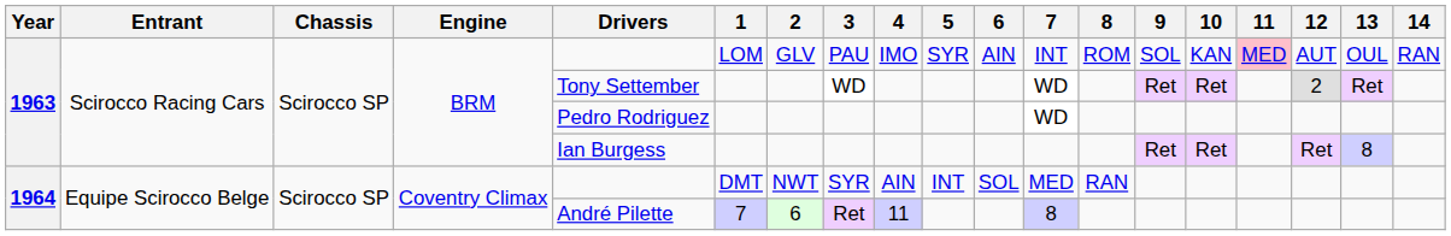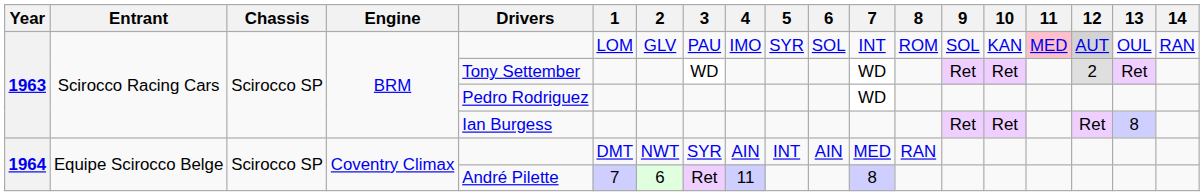 <table class="wikitable" style="text-align:center; font-size:90%">
 <tr>
 <th>Year</th>
 <th>Entrant</th>
 <th>Chassis</th>
 <th>Engine</th>
 <th>Drivers</th>
 <th>1</th>
 <th>2</th>
 <th>3</th>
 <th>4</th>
 <th>5</th>
 <th>6</th>
 <th>7</th>
 <th>8</th>
 <th>9</th>
 <th>10</th>
 <th>11</th>
 <th>12</th>
 <th>13</th>
 <th>14</th>
 </tr>
 <tr>
 <th rowspan="4"><a href='#'>1963</a></th>
 <td rowspan="4">Scirocco Racing Cars</td>
 <td rowspan="4">Scirocco SP</td>
 <td rowspan="4"><a href='#'>BRM</a></td>
 <td></td>
 <td><a href='#'>LOM</a></td>
 <td><a href='#'>GLV</a></td>
 <td><a href='#'>PAU</a></td>
 <td><a href='#'>IMO</a></td>
 <td><a href='#'>SYR</a></td>
-<td><a href='#'>AIN</a></td>
+<td><a href='#'>SOL</a></td>
 <td><a href='#'>INT</a></td>
 <td><a href='#'>ROM</a></td>
 <td><a href='#'>SOL</a></td>
 <td><a href='#'>KAN</a></td>
 <td style="background: pink;"><a href='#'>MED</a></td>
-<td><a href='#'>AUT</a></td>
+<td style="background: lightgrey;"><a href='#'>AUT</a></td>
 <td><a href='#'>OUL</a></td>
 <td><a href='#'>RAN</a></td>
 </tr>
 <tr>
 <td align="left"> <a href='#'>Tony Settember</a></td>
 <td></td>
 <td></td>
 <td style="background:#FFFFFF;">WD</td>
 <td></td>
 <td></td>
 <td></td>
 <td style="background:#FFFFFF;">WD</td>
 <td></td>
 <td style="background:#EFCFFF;">Ret</td>
 <td style="background:#EFCFFF;">Ret</td>
 <td></td>
 <td style="background:#DFDFDF;">2</td>
 <td style="background:#EFCFFF;">Ret</td>
 <td></td>
 </tr>
 <tr>
 <td align="left"> <a href='#'>Pedro Rodriguez</a></td>
 <td></td>
 <td></td>
 <td></td>
 <td></td>
 <td></td>
 <td></td>
 <td style="background:#FFFFFF;">WD</td>
 <td></td>
 <td></td>
 <td></td>
 <td></td>
 <td></td>
 <td></td>
 <td></td>
 </tr>
 <tr>
 <td align="left"> <a href='#'>Ian Burgess</a></td>
 <td></td>
 <td></td>
 <td></td>
 <td></td>
 <td></td>
 <td></td>
 <td></td>
 <td></td>
 <td style="background:#EFCFFF;">Ret</td>
 <td style="background:#EFCFFF;">Ret</td>
 <td></td>
 <td style="background:#EFCFFF;">Ret</td>
 <td style="background:#CFCFFF;">8</td>
 <td></td>
 </tr>
 <tr>
 <th rowspan="2"><a href='#'>1964</a></th>
 <td rowspan="2">Equipe Scirocco Belge</td>
 <td rowspan="2">Scirocco SP</td>
 <td rowspan="2"><a href='#'>Coventry Climax</a></td>
 <td></td>
 <td><a href='#'>DMT</a></td>
 <td><a href='#'>NWT</a></td>
 <td><a href='#'>SYR</a></td>
 <td><a href='#'>AIN</a></td>
 <td><a href='#'>INT</a></td>
-<td><a href='#'>SOL</a></td>
+<td><a href='#'>AIN</a></td>
 <td><a href='#'>MED</a></td>
 <td><a href='#'>RAN</a></td>
 <td></td>
 <td></td>
 <td></td>
 <td></td>
 <td></td>
 <td></td>
 </tr>
 <tr>
 <td align="left"> <a href='#'>André Pilette</a></td>
 <td style="background:#CFCFFF;">7</td>
 <td style="background:#DFFFDF;">6</td>
 <td style="background:#EFCFFF;">Ret</td>
 <td style="background:#CFCFFF;">11</td>
 <td></td>
 <td></td>
 <td style="background:#CFCFFF;">8</td>
 <td></td>
 <td></td>
 <td></td>
 <td></td>
 <td></td>
 <td></td>
 <td></td>
 </tr>
 </table>
